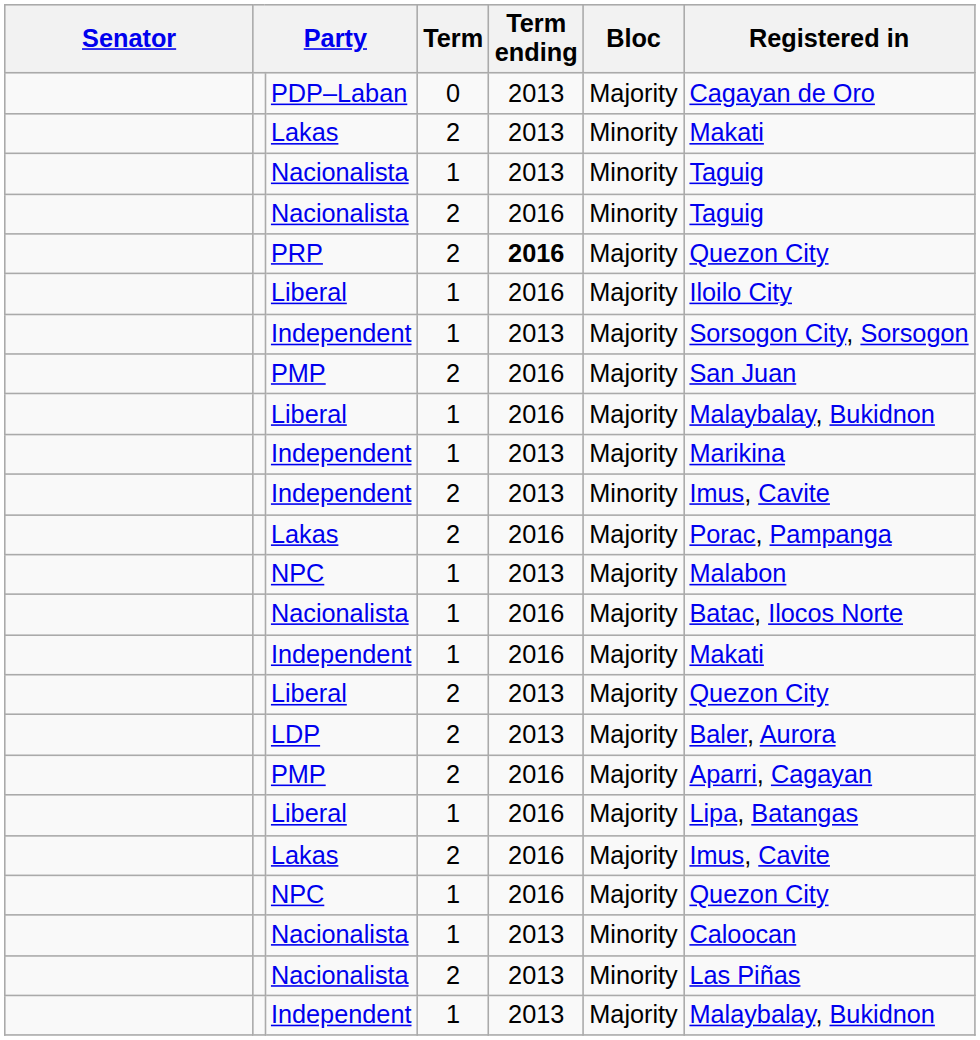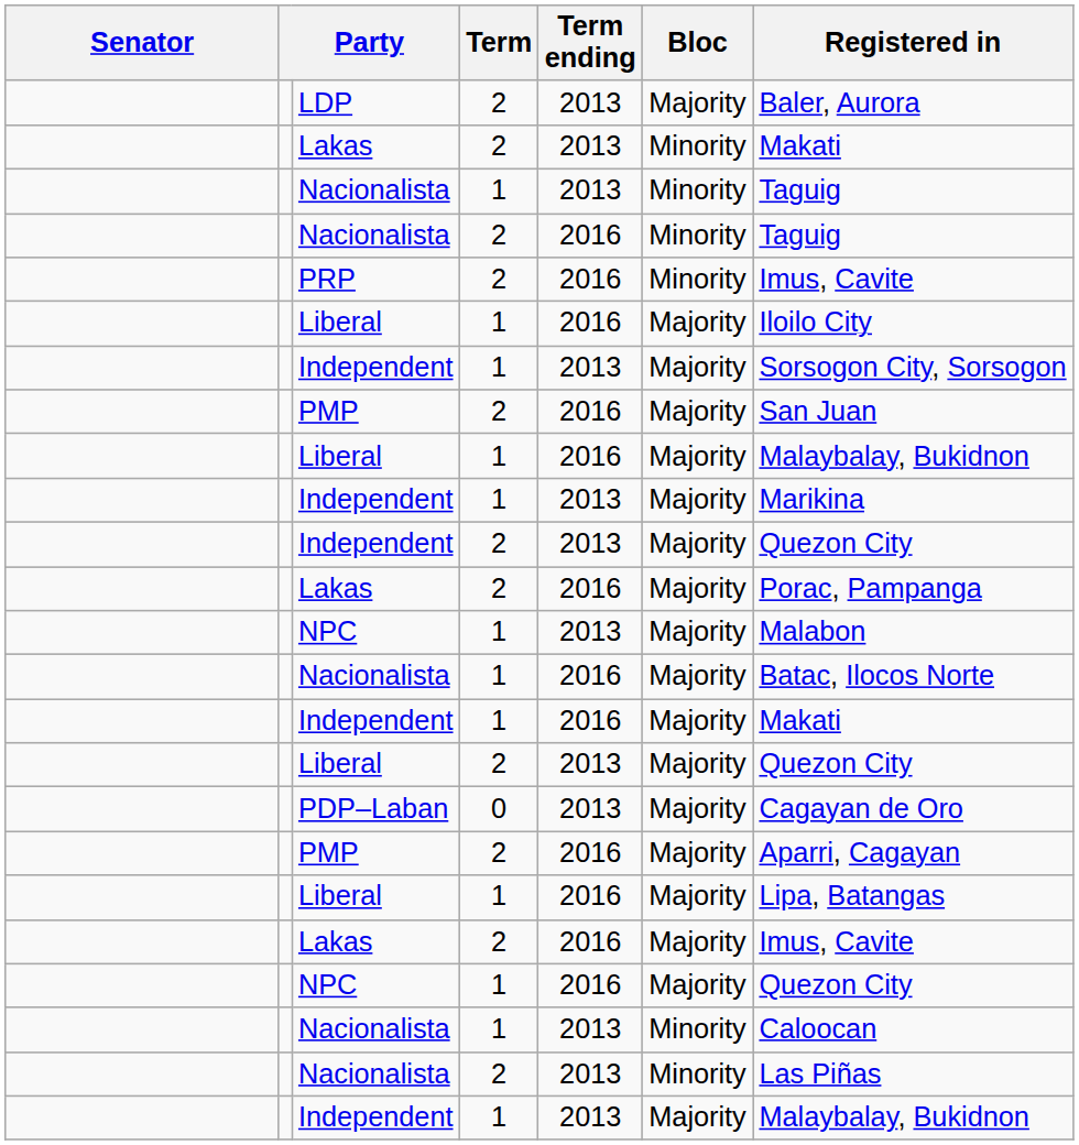 <table class="wikitable sortable">
 <tr>
 <th width="150px"><a href='#'>Senator</a></th>
 <th colspan="2"><a href='#'>Party</a></th>
 <th>Term</th>
 <th width="50px">Term ending</th>
 <th>Bloc</th>
 <th>Registered in</th>
 </tr>
 <tr>
 <td></td>
 <td></td>
-<td><a href='#'>PDP–Laban</a></td>
-<td align="center">0</td>
+<td><a href='#'>LDP</a></td>
+<td align="center">2</td>
 <td align="center">2013</td>
 <td>Majority</td>
-<td><a href='#'>Cagayan de Oro</a></td>
+<td><a href='#'>Baler</a>, <a href='#'>Aurora</a></td>
 </tr>
 <tr>
 <td></td>
 <td></td>
 <td><a href='#'>Lakas</a></td>
 <td align="center">2</td>
 <td align="center">2013</td>
 <td>Minority</td>
 <td><a href='#'>Makati</a></td>
 </tr>
 <tr>
 <td></td>
 <td></td>
 <td><a href='#'>Nacionalista</a></td>
 <td align="center">1</td>
 <td align="center">2013</td>
 <td>Minority</td>
 <td><a href='#'>Taguig</a></td>
 </tr>
 <tr>
 <td></td>
 <td></td>
 <td><a href='#'>Nacionalista</a></td>
 <td align="center">2</td>
 <td align="center">2016</td>
 <td>Minority</td>
 <td><a href='#'>Taguig</a></td>
 </tr>
 <tr>
 <td></td>
 <td></td>
 <td><a href='#'>PRP</a></td>
 <td align="center">2</td>
-<td align="center"><strong>2016</strong></td>
-<td>Majority</td>
-<td><a href='#'>Quezon City</a></td>
+<td align="center">2016</td>
+<td>Minority</td>
+<td><a href='#'>Imus</a>, <a href='#'>Cavite</a></td>
 </tr>
 <tr>
 <td></td>
 <td></td>
 <td><a href='#'>Liberal</a></td>
 <td align="center">1</td>
 <td align="center">2016</td>
 <td>Majority</td>
 <td><a href='#'>Iloilo City</a></td>
 </tr>
 <tr>
 <td></td>
 <td></td>
 <td><a href='#'>Independent</a></td>
 <td align="center">1</td>
 <td align="center">2013</td>
 <td>Majority</td>
 <td><a href='#'>Sorsogon City</a>, <a href='#'>Sorsogon</a></td>
 </tr>
 <tr>
 <td></td>
 <td></td>
 <td><a href='#'>PMP</a></td>
 <td align="center">2</td>
 <td align="center">2016</td>
 <td>Majority</td>
 <td><a href='#'>San Juan</a></td>
 </tr>
 <tr>
 <td></td>
 <td></td>
 <td><a href='#'>Liberal</a></td>
 <td align="center">1</td>
 <td align="center">2016</td>
 <td>Majority</td>
 <td><a href='#'>Malaybalay</a>, <a href='#'>Bukidnon</a></td>
 </tr>
 <tr>
 <td></td>
 <td></td>
 <td><a href='#'>Independent</a></td>
 <td align="center">1</td>
 <td align="center">2013</td>
 <td>Majority</td>
 <td><a href='#'>Marikina</a></td>
 </tr>
 <tr>
 <td></td>
 <td></td>
 <td><a href='#'>Independent</a></td>
 <td align="center">2</td>
 <td align="center">2013</td>
-<td>Minority</td>
-<td><a href='#'>Imus</a>, <a href='#'>Cavite</a></td>
+<td>Majority</td>
+<td><a href='#'>Quezon City</a></td>
 </tr>
 <tr>
 <td></td>
 <td></td>
 <td><a href='#'>Lakas</a></td>
 <td align="center">2</td>
 <td align="center">2016</td>
 <td>Majority</td>
 <td><a href='#'>Porac</a>, <a href='#'>Pampanga</a></td>
 </tr>
 <tr>
 <td></td>
 <td></td>
 <td><a href='#'>NPC</a></td>
 <td align="center">1</td>
 <td align="center">2013</td>
 <td>Majority</td>
 <td><a href='#'>Malabon</a></td>
 </tr>
 <tr>
 <td></td>
 <td></td>
 <td><a href='#'>Nacionalista</a></td>
 <td align="center">1</td>
 <td align="center">2016</td>
 <td>Majority</td>
 <td><a href='#'>Batac</a>, <a href='#'>Ilocos Norte</a></td>
 </tr>
 <tr>
 <td></td>
 <td></td>
 <td><a href='#'>Independent</a></td>
 <td align="center">1</td>
 <td align="center">2016</td>
 <td>Majority</td>
 <td><a href='#'>Makati</a></td>
 </tr>
 <tr>
 <td></td>
 <td></td>
 <td><a href='#'>Liberal</a></td>
 <td align="center">2</td>
 <td align="center">2013</td>
 <td>Majority</td>
 <td><a href='#'>Quezon City</a></td>
 </tr>
 <tr>
 <td></td>
 <td></td>
-<td><a href='#'>LDP</a></td>
-<td align="center">2</td>
+<td><a href='#'>PDP–Laban</a></td>
+<td align="center">0</td>
 <td align="center">2013</td>
 <td>Majority</td>
-<td><a href='#'>Baler</a>, <a href='#'>Aurora</a></td>
+<td><a href='#'>Cagayan de Oro</a></td>
 </tr>
 <tr>
 <td></td>
 <td></td>
 <td><a href='#'>PMP</a></td>
 <td align="center">2</td>
 <td align="center">2016</td>
 <td>Majority</td>
 <td><a href='#'>Aparri</a>, <a href='#'>Cagayan</a></td>
 </tr>
 <tr>
 <td></td>
 <td></td>
 <td><a href='#'>Liberal</a></td>
 <td align="center">1</td>
 <td align="center">2016</td>
 <td>Majority</td>
 <td><a href='#'>Lipa</a>, <a href='#'>Batangas</a></td>
 </tr>
 <tr>
 <td></td>
 <td></td>
 <td><a href='#'>Lakas</a></td>
 <td align="center">2</td>
 <td align="center">2016</td>
 <td>Majority</td>
 <td><a href='#'>Imus</a>, <a href='#'>Cavite</a></td>
 </tr>
 <tr>
 <td></td>
 <td></td>
 <td><a href='#'>NPC</a></td>
 <td align="center">1</td>
 <td align="center">2016</td>
 <td>Majority</td>
 <td><a href='#'>Quezon City</a></td>
 </tr>
 <tr>
 <td></td>
 <td></td>
 <td><a href='#'>Nacionalista</a></td>
 <td align="center">1</td>
 <td align="center">2013</td>
 <td>Minority</td>
 <td><a href='#'>Caloocan</a></td>
 </tr>
 <tr>
 <td></td>
 <td></td>
 <td><a href='#'>Nacionalista</a></td>
 <td align="center">2</td>
 <td align="center">2013</td>
 <td>Minority</td>
 <td><a href='#'>Las Piñas</a></td>
 </tr>
 <tr>
 <td></td>
 <td></td>
 <td><a href='#'>Independent</a></td>
 <td align="center">1</td>
 <td align="center">2013</td>
 <td>Majority</td>
 <td><a href='#'>Malaybalay</a>, <a href='#'>Bukidnon</a></td>
 </tr>
 </table>
